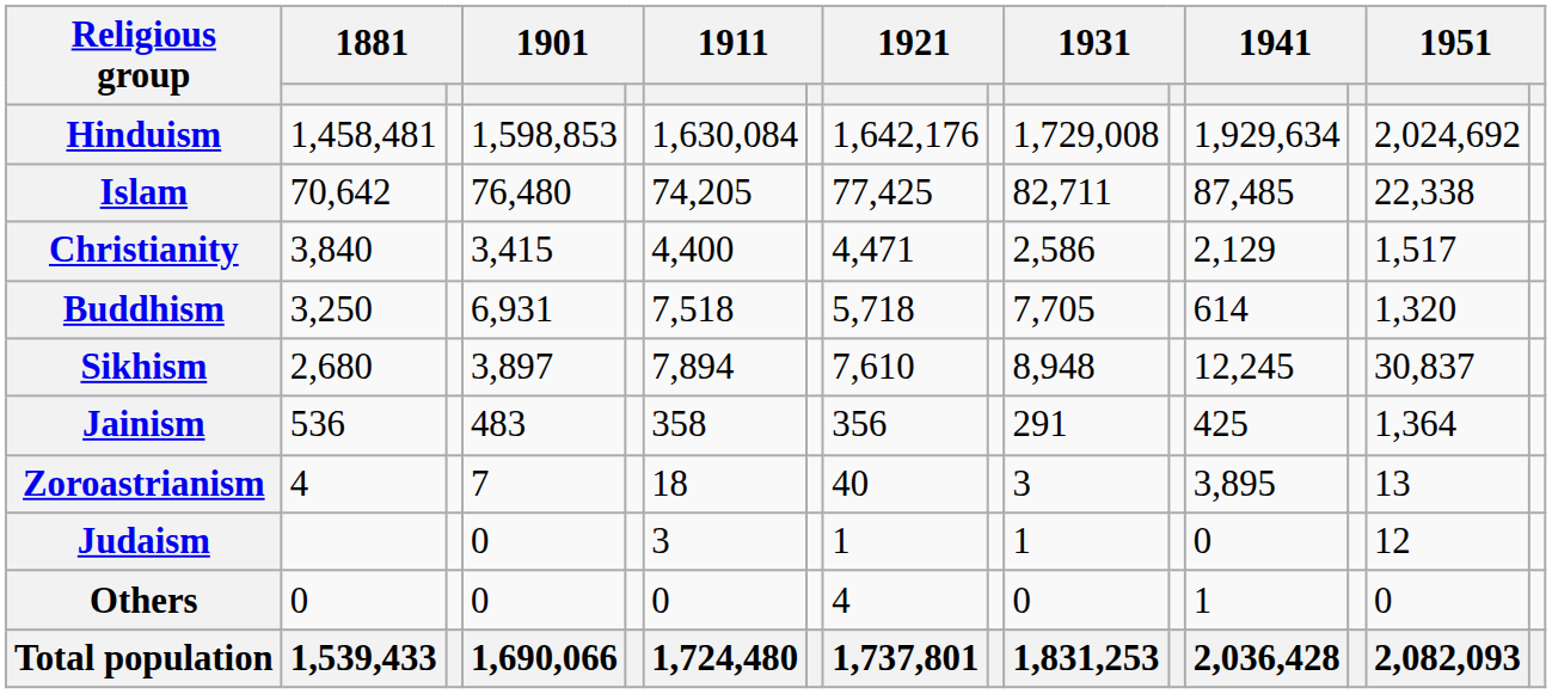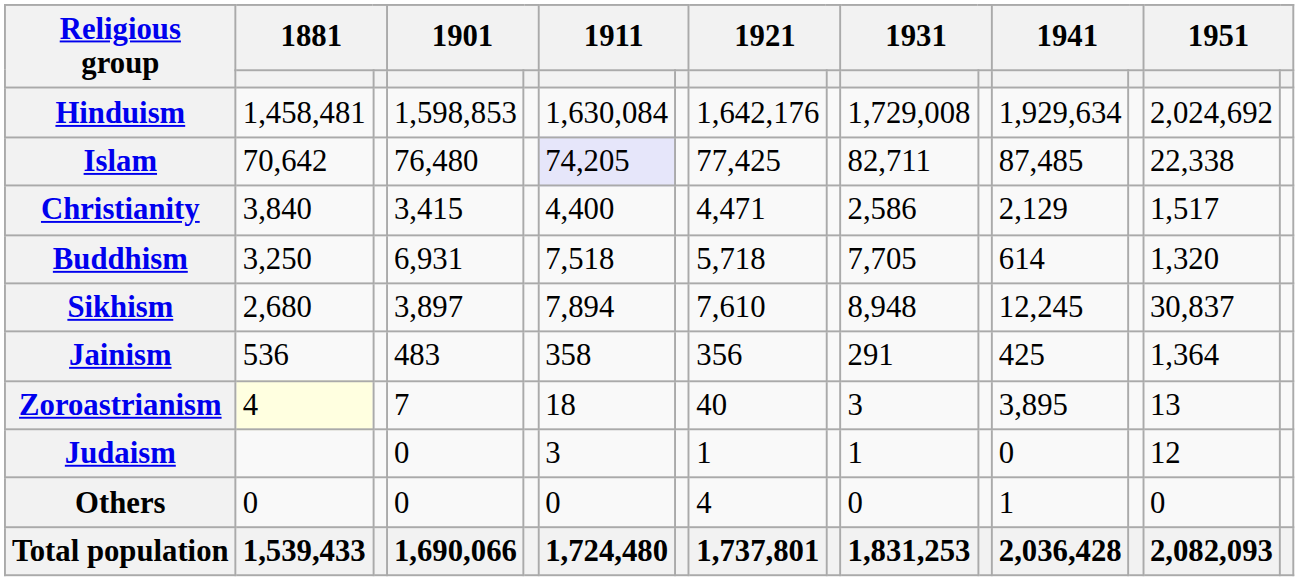 <table class="wikitable collapsible sortable">
 <tr>
 <th rowspan="2"><a href='#'>Religious</a><br>group</th>
 <th colspan="2">1881</th>
 <th colspan="2">1901</th>
 <th colspan="2">1911</th>
 <th colspan="2">1921</th>
 <th colspan="2">1931</th>
 <th colspan="2">1941</th>
 <th colspan="2">1951</th>
 </tr>
 <tr>
 <th><a href='#'></a></th>
 <th></th>
 <th></th>
 <th></th>
 <th></th>
 <th></th>
 <th></th>
 <th></th>
 <th></th>
 <th></th>
 <th></th>
 <th></th>
 <th></th>
 <th></th>
 </tr>
 <tr>
 <th><a href='#'>Hinduism</a> </th>
 <td>1,458,481</td>
 <td></td>
 <td>1,598,853</td>
 <td></td>
 <td>1,630,084</td>
 <td></td>
 <td>1,642,176</td>
 <td></td>
 <td>1,729,008</td>
 <td></td>
 <td>1,929,634</td>
 <td></td>
 <td>2,024,692</td>
 <td></td>
 </tr>
 <tr>
 <th><a href='#'>Islam</a> </th>
 <td>70,642</td>
 <td></td>
 <td>76,480</td>
 <td></td>
-<td>74,205</td>
+<td style="background: lavender;">74,205</td>
 <td></td>
 <td>77,425</td>
 <td></td>
 <td>82,711</td>
 <td></td>
 <td>87,485</td>
 <td></td>
 <td>22,338</td>
 <td></td>
 </tr>
 <tr>
 <th><a href='#'>Christianity</a> </th>
 <td>3,840</td>
 <td></td>
 <td>3,415</td>
 <td></td>
 <td>4,400</td>
 <td></td>
 <td>4,471</td>
 <td></td>
 <td>2,586</td>
 <td></td>
 <td>2,129</td>
 <td></td>
 <td>1,517</td>
 <td></td>
 </tr>
 <tr>
 <th><a href='#'>Buddhism</a> </th>
 <td>3,250</td>
 <td></td>
 <td>6,931</td>
 <td></td>
 <td>7,518</td>
 <td></td>
 <td>5,718</td>
 <td></td>
 <td>7,705</td>
 <td></td>
 <td>614</td>
 <td></td>
 <td>1,320</td>
 <td></td>
 </tr>
 <tr>
 <th><a href='#'>Sikhism</a> </th>
 <td>2,680</td>
 <td></td>
 <td>3,897</td>
 <td></td>
 <td>7,894</td>
 <td></td>
 <td>7,610</td>
 <td></td>
 <td>8,948</td>
 <td></td>
 <td>12,245</td>
 <td></td>
 <td>30,837</td>
 <td></td>
 </tr>
 <tr>
 <th><a href='#'>Jainism</a> </th>
 <td>536</td>
 <td></td>
 <td>483</td>
 <td></td>
 <td>358</td>
 <td></td>
 <td>356</td>
 <td></td>
 <td>291</td>
 <td></td>
 <td>425</td>
 <td></td>
 <td>1,364</td>
 <td></td>
 </tr>
 <tr>
 <th><a href='#'>Zoroastrianism</a> </th>
-<td>4</td>
+<td style="background: lightyellow;">4</td>
 <td></td>
 <td>7</td>
 <td></td>
 <td>18</td>
 <td></td>
 <td>40</td>
 <td></td>
 <td>3</td>
 <td></td>
 <td>3,895</td>
 <td></td>
 <td>13</td>
 <td></td>
 </tr>
 <tr>
 <th><a href='#'>Judaism</a> </th>
 <td></td>
 <td></td>
 <td>0</td>
 <td></td>
 <td>3</td>
 <td></td>
 <td>1</td>
 <td></td>
 <td>1</td>
 <td></td>
 <td>0</td>
 <td></td>
 <td>12</td>
 <td></td>
 </tr>
 <tr>
 <th>Others</th>
 <td>0</td>
 <td></td>
 <td>0</td>
 <td></td>
 <td>0</td>
 <td></td>
 <td>4</td>
 <td></td>
 <td>0</td>
 <td></td>
 <td>1</td>
 <td></td>
 <td>0</td>
 <td></td>
 </tr>
 <tr>
 <th>Total population</th>
 <th>1,539,433</th>
 <th></th>
 <th>1,690,066</th>
 <th></th>
 <th>1,724,480</th>
 <th></th>
 <th>1,737,801</th>
 <th></th>
 <th>1,831,253</th>
 <th></th>
 <th>2,036,428</th>
 <th></th>
 <th>2,082,093</th>
 <th></th>
 </tr>
 </table>
